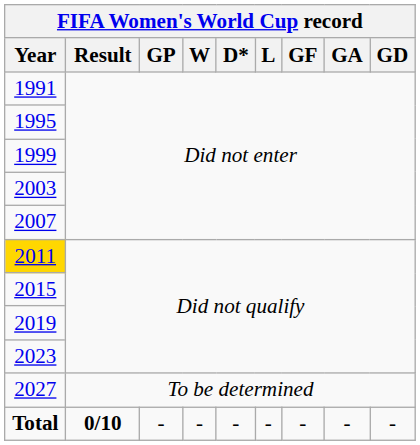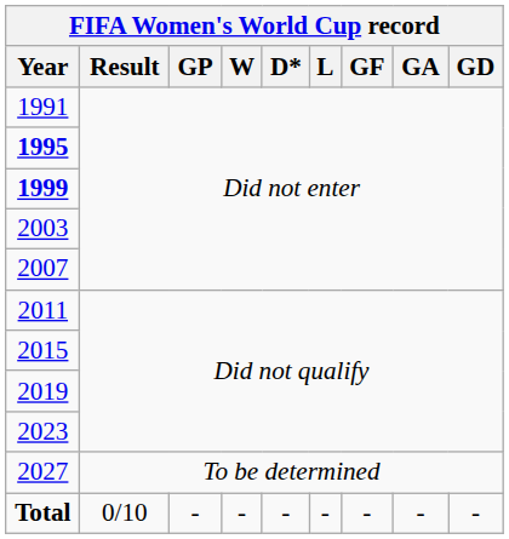 <table class="wikitable" style="text-align: center; width:50%;">
 <tr>
 <th colspan=9><a href='#'>FIFA Women's World Cup</a> record</th>
 </tr>
 <tr>
 <th>Year</th>
 <th>Result</th>
 <th>GP</th>
 <th>W</th>
 <th>D*</th>
 <th>L</th>
 <th>GF</th>
 <th>GA</th>
 <th>GD</th>
 </tr>
 <tr>
 <td> <a href='#'>1991</a></td>
 <td rowspan=5 colspan=8><em>Did not enter</em></td>
 </tr>
 <tr>
-<td> <a href='#'>1995</a></td>
+<td><strong> <a href='#'>1995</a></strong></td>
 </tr>
 <tr>
-<td> <a href='#'>1999</a></td>
+<td><strong> <a href='#'>1999</a></strong></td>
 </tr>
 <tr>
 <td> <a href='#'>2003</a></td>
 </tr>
 <tr>
 <td> <a href='#'>2007</a></td>
 </tr>
 <tr>
-<td style="background: gold;"> <a href='#'>2011</a></td>
+<td> <a href='#'>2011</a></td>
 <td rowspan=4 colspan=8><em>Did not qualify</em></td>
 </tr>
 <tr>
 <td> <a href='#'>2015</a></td>
 </tr>
 <tr>
 <td> <a href='#'>2019</a></td>
 </tr>
 <tr>
 <td> <a href='#'>2023</a></td>
 </tr>
 <tr>
 <td> <a href='#'>2027</a></td>
 <td colspan=8><em>To be determined</em></td>
 </tr>
 <tr>
 <td><strong>Total</strong></td>
-<td><strong>0/10</strong></td>
+<td>0/10</td>
 <td>-</td>
 <td>-</td>
 <td>-</td>
 <td>-</td>
 <td>-</td>
 <td>-</td>
 <td>-</td>
 </tr>
 </table>
